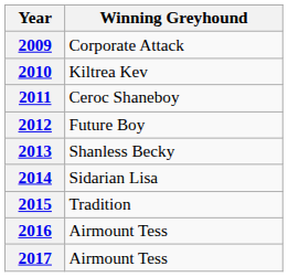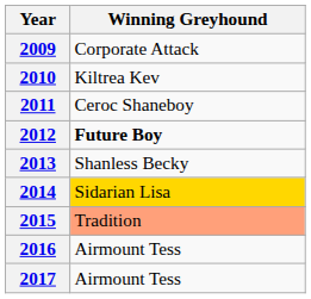 <table class="wikitable">
 <tr>
 <th width=50>Year</th>
 <th width=200>Winning Greyhound</th>
 </tr>
 <tr>
 <th><a href='#'>2009</a></th>
 <td>Corporate Attack</td>
 </tr>
 <tr>
 <th><a href='#'>2010</a></th>
 <td>Kiltrea Kev</td>
 </tr>
 <tr>
 <th><a href='#'>2011</a></th>
 <td>Ceroc Shaneboy</td>
 </tr>
 <tr>
 <th><a href='#'>2012</a></th>
-<td>Future Boy</td>
+<td><strong>Future Boy</strong></td>
 </tr>
 <tr>
 <th><a href='#'>2013</a></th>
 <td>Shanless Becky</td>
 </tr>
 <tr>
 <th><a href='#'>2014</a></th>
-<td>Sidarian Lisa</td>
+<td style="background: gold;">Sidarian Lisa</td>
 </tr>
 <tr>
 <th><a href='#'>2015</a></th>
-<td>Tradition</td>
+<td style="background: lightsalmon;">Tradition</td>
 </tr>
 <tr>
 <th><a href='#'>2016</a></th>
 <td>Airmount Tess</td>
 </tr>
 <tr>
 <th><a href='#'>2017</a></th>
 <td>Airmount Tess </td>
 </tr>
 </table>
